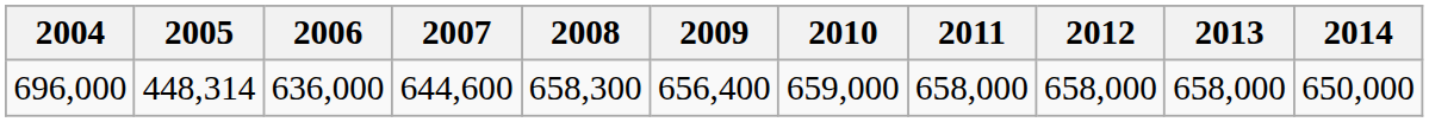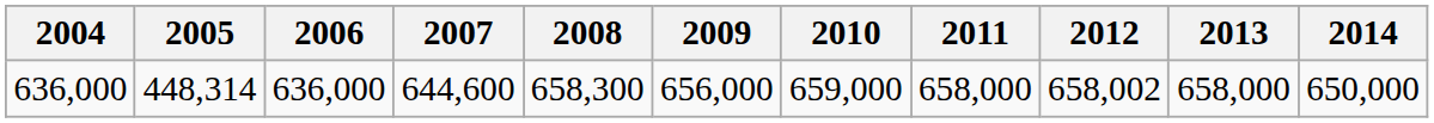 <table class="wikitable">
 <tr>
 <th>2004</th>
 <th>2005</th>
 <th>2006</th>
 <th>2007</th>
 <th>2008</th>
 <th>2009</th>
 <th>2010</th>
 <th>2011</th>
 <th>2012</th>
 <th>2013</th>
 <th>2014</th>
 </tr>
 <tr>
-<td>696,000</td>
+<td>636,000</td>
 <td>448,314</td>
 <td>636,000</td>
 <td>644,600</td>
 <td>658,300</td>
-<td>656,400</td>
+<td>656,000</td>
 <td>659,000</td>
 <td>658,000</td>
-<td>658,000</td>
+<td>658,002</td>
 <td>658,000</td>
 <td>650,000</td>
 </tr>
 </table>
